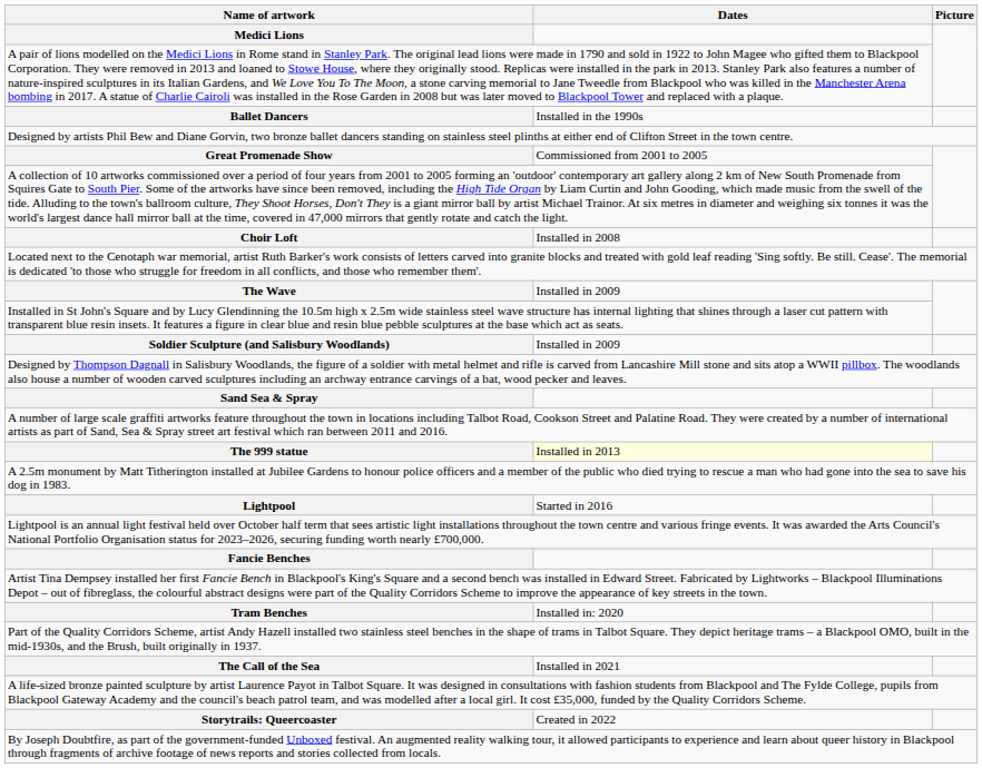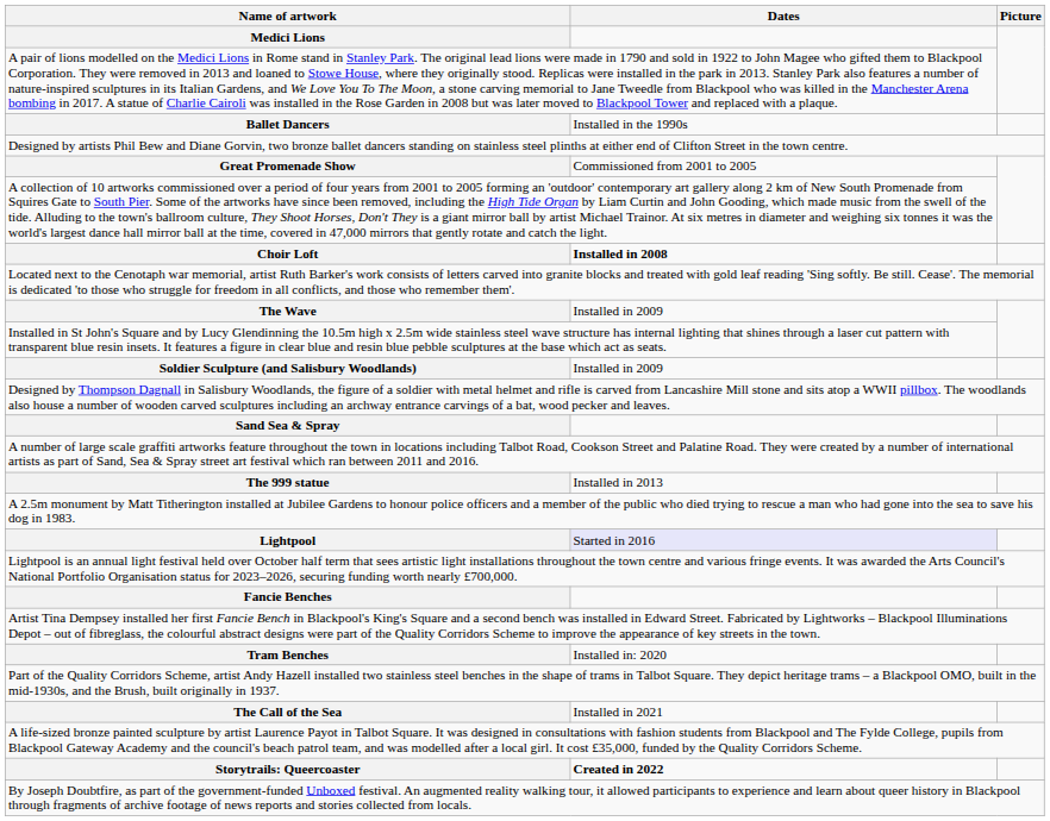 <table class="wikitable sortable">
 <tr>
 <th>Name of artwork</th>
 <th>Dates</th>
 <th>Picture</th>
 </tr>
 <tr>
 <th>Medici Lions</th>
 <td></td>
 <td rowspan=2></td>
 </tr>
 <tr>
 <td colspan=2>A pair of lions modelled on the <a href='#'>Medici Lions</a> in Rome stand in <a href='#'>Stanley Park</a>. The original lead lions were made in 1790 and sold in 1922 to John Magee who gifted them to Blackpool Corporation. They were removed in 2013 and loaned to <a href='#'>Stowe House</a>, where they originally stood. Replicas were installed in the park in 2013. Stanley Park also features a number of nature-inspired sculptures in its Italian Gardens, and <em>We Love You To The Moon</em>, a stone carving memorial to Jane Tweedle from Blackpool who was killed in the <a href='#'>Manchester Arena bombing</a> in 2017. A statue of <a href='#'>Charlie Cairoli</a> was installed in the Rose Garden in 2008 but was later moved to <a href='#'>Blackpool Tower</a> and replaced with a plaque.</td>
 </tr>
 <tr>
 <th>Ballet Dancers</th>
 <td>Installed in the 1990s</td>
 <td></td>
 </tr>
 <tr>
 <td colspan=3>Designed by artists Phil Bew and Diane Gorvin, two bronze ballet dancers standing on stainless steel plinths at either end of Clifton Street in the town centre.</td>
 </tr>
 <tr>
 <th>Great Promenade Show</th>
 <td>Commissioned from 2001 to 2005</td>
 <td rowspan=2><br></td>
 </tr>
 <tr>
 <td colspan=2>A collection of 10 artworks commissioned over a period of four years from 2001 to 2005 forming an 'outdoor' contemporary art gallery along 2 km of New South Promenade from Squires Gate to <a href='#'>South Pier</a>. Some of the artworks have since been removed, including the <a href='#'><em>High Tide Organ</em></a> by Liam Curtin and John Gooding, which made music from the swell of the tide. Alluding to the town's ballroom culture, <em>They Shoot Horses, Don't They</em> is a giant mirror ball by artist Michael Trainor. At six metres in diameter and weighing six tonnes it was the world's largest dance hall mirror ball at the time, covered in 47,000 mirrors that gently rotate and catch the light.</td>
 </tr>
 <tr>
 <th>Choir Loft</th>
-<td>Installed in 2008</td>
+<td><strong>Installed in 2008</strong></td>
 <td></td>
 </tr>
 <tr>
 <td colspan=3>Located next to the Cenotaph war memorial, artist Ruth Barker's work consists of letters carved into granite blocks and treated with gold leaf reading 'Sing softly. Be still. Cease'. The memorial is dedicated 'to those who struggle for freedom in all conflicts, and those who remember them'.</td>
 </tr>
 <tr>
 <th>The Wave</th>
 <td>Installed in 2009</td>
 <td rowspan=2></td>
 </tr>
 <tr>
 <td colspan=2>Installed in St John's Square and by Lucy Glendinning the 10.5m high x 2.5m wide stainless steel wave structure has internal lighting that shines through a laser cut pattern with transparent blue resin insets. It features a figure in clear blue and resin blue pebble sculptures at the base which act as seats.</td>
 </tr>
 <tr>
 <th>Soldier Sculpture (and Salisbury Woodlands)</th>
 <td>Installed in 2009</td>
 <td></td>
 </tr>
 <tr>
 <td colspan=3>Designed by <a href='#'>Thompson Dagnall</a> in Salisbury Woodlands, the figure of a soldier with metal helmet and rifle is carved from Lancashire Mill stone and sits atop a WWII <a href='#'>pillbox</a>. The woodlands also house a number of wooden carved sculptures including an archway entrance carvings of a bat, wood pecker and leaves.</td>
 </tr>
 <tr>
 <th>Sand Sea & Spray</th>
 <td></td>
 <td></td>
 </tr>
 <tr>
 <td colspan=3>A number of large scale graffiti artworks feature throughout the town in locations including Talbot Road, Cookson Street and Palatine Road. They were created by a number of international artists as part of Sand, Sea & Spray street art festival which ran between 2011 and 2016.</td>
 </tr>
 <tr>
 <th>The 999 statue</th>
-<td style="background: lightyellow;">Installed in 2013</td>
+<td>Installed in 2013</td>
 <td></td>
 </tr>
 <tr>
 <td colspan=3>A 2.5m monument by Matt Titherington installed at Jubilee Gardens to honour police officers and a member of the public who died trying to rescue a man who had gone into the sea to save his dog in 1983.</td>
 </tr>
 <tr>
 <th>Lightpool</th>
-<td>Started in 2016</td>
+<td style="background: lavender;">Started in 2016</td>
 <td></td>
 </tr>
 <tr>
 <td colspan=3>Lightpool is an annual light festival held over October half term that sees artistic light installations throughout the town centre and various fringe events. It was awarded the Arts Council's National Portfolio Organisation status for 2023–2026, securing funding worth nearly £700,000.</td>
 </tr>
 <tr>
 <th>Fancie Benches</th>
 <td></td>
 <td></td>
 </tr>
 <tr>
 <td colspan=3>Artist Tina Dempsey installed her first <em>Fancie Bench</em> in Blackpool's King's Square and a second bench was installed in Edward Street. Fabricated by Lightworks – Blackpool Illuminations Depot – out of fibreglass, the colourful abstract designs were part of the Quality Corridors Scheme to improve the appearance of key streets in the town.</td>
 </tr>
 <tr>
 <th>Tram Benches</th>
 <td>Installed in: 2020</td>
 <td></td>
 </tr>
 <tr>
 <td colspan=3>Part of the Quality Corridors Scheme, artist Andy Hazell installed two stainless steel benches in the shape of trams in Talbot Square. They depict heritage trams – a Blackpool OMO, built in the mid-1930s, and the Brush, built originally in 1937.</td>
 </tr>
 <tr>
 <th>The Call of the Sea</th>
 <td>Installed in 2021</td>
 </tr>
 <tr>
 <td colspan=3>A life-sized bronze painted sculpture by artist Laurence Payot in Talbot Square. It was designed in consultations with fashion students from Blackpool and The Fylde College, pupils from Blackpool Gateway Academy and the council's beach patrol team, and was modelled after a local girl. It cost £35,000, funded by the Quality Corridors Scheme.</td>
 </tr>
 <tr>
 <th>Storytrails: Queercoaster</th>
-<td>Created in 2022</td>
+<td><strong>Created in 2022</strong></td>
 <td></td>
 </tr>
 <tr>
 <td colspan=3>By Joseph Doubtfire, as part of the government-funded <a href='#'>Unboxed</a> festival. An augmented reality walking tour, it allowed participants to experience and learn about queer history in Blackpool through fragments of archive footage of news reports and stories collected from locals.</td>
 </tr>
 </table>
